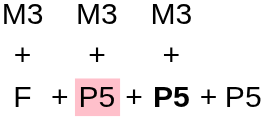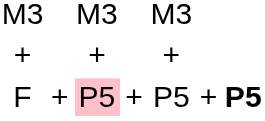 <table>
 <tr align = "center">
 <td>M3</td>
 <td></td>
 <td>M3</td>
 <td></td>
 <td>M3</td>
 </tr>
 <tr align = "center">
 <td>+</td>
 <td></td>
 <td>+</td>
 <td></td>
 <td>+</td>
 </tr>
 <tr align = "center">
 <td>F</td>
 <td>+</td>
 <td style="background: pink;">P5</td>
 <td>+</td>
+<td>P5</td>
+<td>+</td>
 <td><strong>P5</strong></td>
-<td>+</td>
-<td>P5</td>
 </tr>
 </table>
